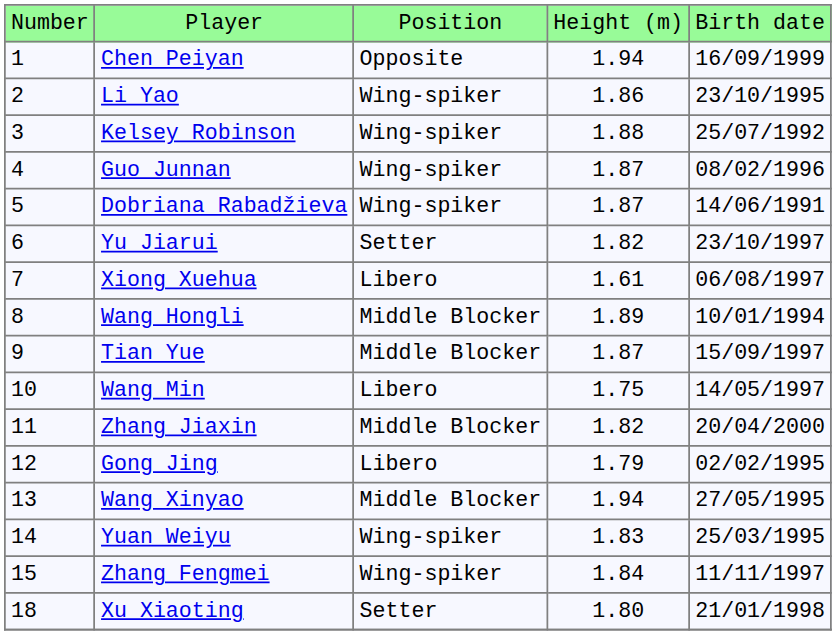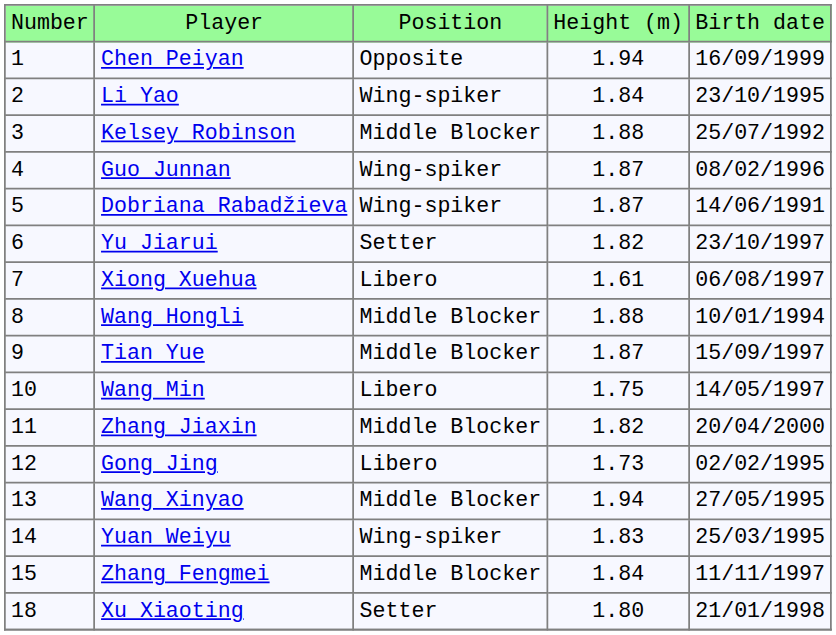 <table bgcolor="#f7f8ff" cellpadding="3" cellspacing="0" border="1" style="font-size: 95%; border: gray solid 1px; border-collapse: collapse;">
 <tr bgcolor="98FB98">
 <td align=center>Number</td>
 <td align=center>Player</td>
 <td align=center>Position</td>
 <td align=center>Height (m)</td>
 <td align=center>Birth date</td>
 </tr>
 <tr align="left">
 <td>1</td>
 <td> <a href='#'>Chen Peiyan</a></td>
 <td>Opposite</td>
 <td align="center">1.94</td>
 <td>16/09/1999</td>
 </tr>
 <tr align="left">
 <td>2</td>
 <td> <a href='#'>Li Yao</a></td>
 <td>Wing-spiker</td>
-<td align="center">1.86</td>
+<td align="center">1.84</td>
 <td>23/10/1995</td>
 </tr>
 <tr align="left">
 <td>3</td>
 <td> <a href='#'>Kelsey Robinson</a></td>
-<td>Wing-spiker</td>
+<td>Middle Blocker</td>
 <td align="center">1.88</td>
 <td>25/07/1992</td>
 </tr>
 <tr align="left">
 <td>4</td>
 <td> <a href='#'>Guo Junnan</a></td>
 <td>Wing-spiker</td>
 <td align="center">1.87</td>
 <td>08/02/1996</td>
 </tr>
 <tr align="left">
 <td>5</td>
 <td> <a href='#'>Dobriana Rabadžieva</a></td>
 <td>Wing-spiker</td>
 <td align="center">1.87</td>
 <td>14/06/1991</td>
 </tr>
 <tr align=left>
 <td>6</td>
 <td> <a href='#'>Yu Jiarui</a></td>
 <td>Setter</td>
 <td align="center">1.82</td>
 <td>23/10/1997</td>
 </tr>
 <tr align=left>
 <td>7</td>
 <td> <a href='#'>Xiong Xuehua</a></td>
 <td>Libero</td>
 <td align="center">1.61</td>
 <td>06/08/1997</td>
 </tr>
 <tr align=left>
 <td>8</td>
 <td> <a href='#'>Wang Hongli</a></td>
 <td>Middle Blocker</td>
-<td align="center">1.89</td>
+<td align="center">1.88</td>
 <td>10/01/1994</td>
 </tr>
 <tr align=left>
 <td>9</td>
 <td> <a href='#'>Tian Yue</a></td>
 <td>Middle Blocker</td>
 <td align="center">1.87</td>
 <td>15/09/1997</td>
 </tr>
 <tr align=left>
 <td>10</td>
 <td> <a href='#'>Wang Min</a></td>
 <td>Libero</td>
 <td align="center">1.75</td>
 <td>14/05/1997</td>
 </tr>
 <tr align=left>
 <td>11</td>
 <td> <a href='#'>Zhang Jiaxin</a></td>
 <td>Middle Blocker</td>
 <td align="center">1.82</td>
 <td>20/04/2000</td>
 </tr>
 <tr align=left>
 <td>12</td>
 <td> <a href='#'>Gong Jing</a></td>
 <td>Libero</td>
-<td align="center">1.79</td>
+<td align="center">1.73</td>
 <td>02/02/1995</td>
 </tr>
 <tr align=left>
 <td>13</td>
 <td> <a href='#'>Wang Xinyao</a></td>
 <td>Middle Blocker</td>
 <td align="center">1.94</td>
 <td>27/05/1995</td>
 </tr>
 <tr align=left>
 <td>14</td>
 <td> <a href='#'>Yuan Weiyu</a></td>
 <td>Wing-spiker</td>
 <td align="center">1.83</td>
 <td>25/03/1995</td>
 </tr>
 <tr align=left>
 <td>15</td>
 <td> <a href='#'>Zhang Fengmei</a></td>
-<td>Wing-spiker</td>
+<td>Middle Blocker</td>
 <td align="center">1.84</td>
 <td>11/11/1997</td>
 </tr>
 <tr align=left>
 <td>18</td>
 <td> <a href='#'>Xu Xiaoting</a></td>
 <td>Setter</td>
 <td align="center">1.80</td>
 <td>21/01/1998</td>
 </tr>
 <tr align=left>
 </tr>
 </table>
